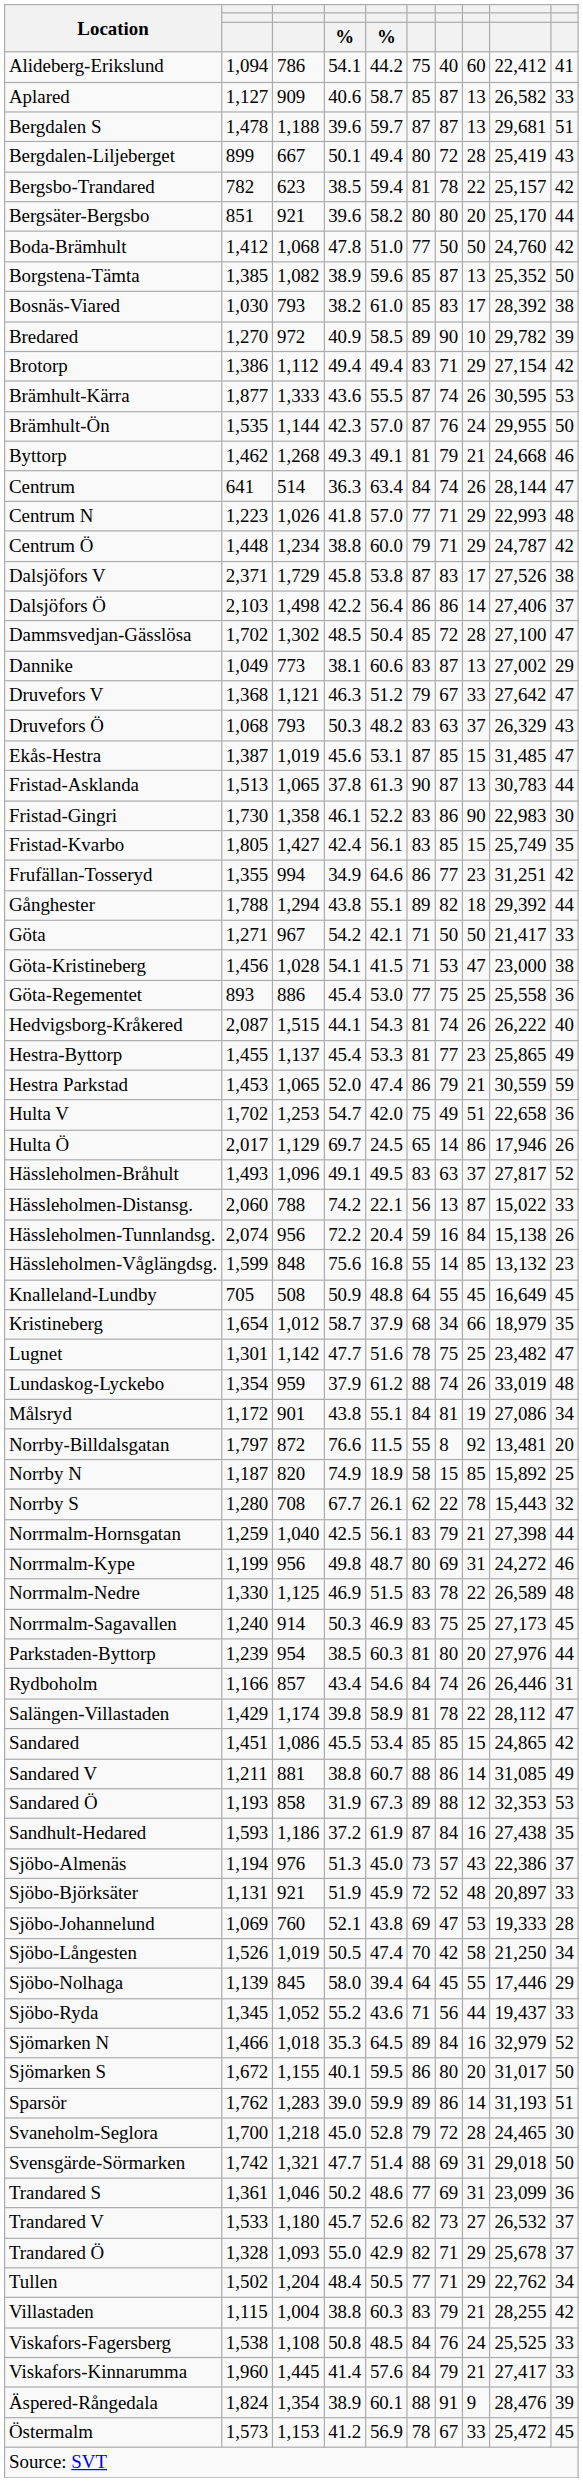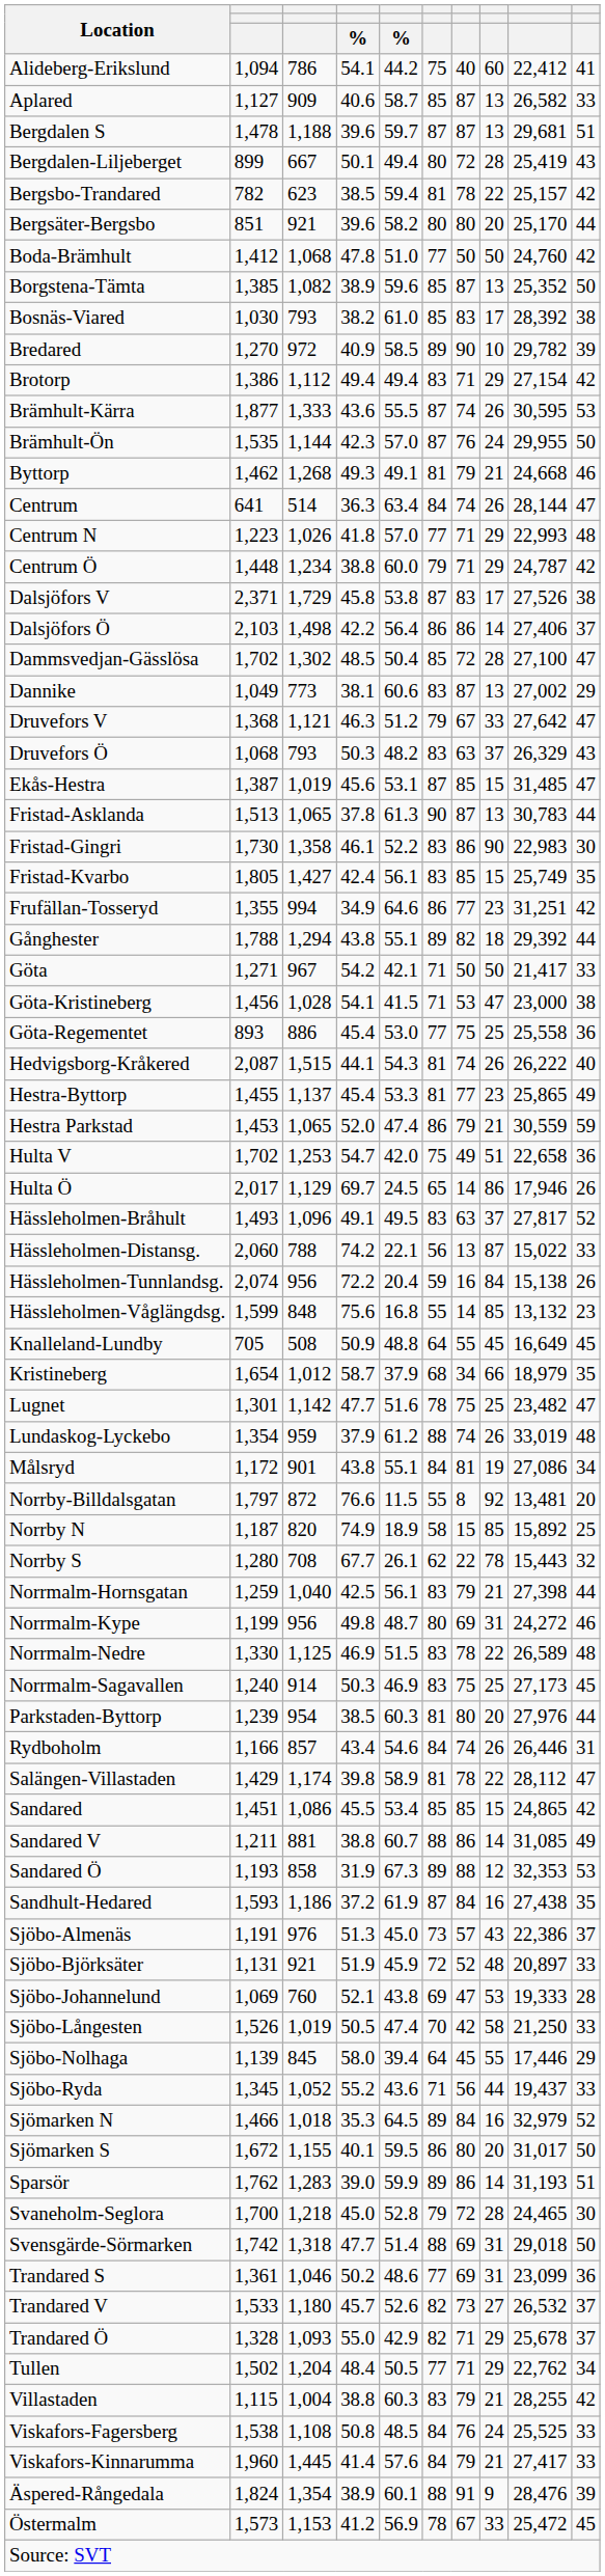 <table role="presentation" class="wikitable sortable mw-collapsible mw-collapsed">
 <tr>
 <th rowspan="3">Location</th>
 <th></th>
 <th></th>
 <th></th>
 <th></th>
 <th></th>
 <th></th>
 <th></th>
 <th></th>
 <th></th>
 </tr>
 <tr>
 <th></th>
 <th></th>
 <th style="background:"></th>
 <th style="background:"></th>
 <th></th>
 <th></th>
 <th></th>
 <th></th>
 <th></th>
 </tr>
 <tr>
 <th data-sort-type="number"></th>
 <th data-sort-type="number"></th>
 <th data-sort-type="number">%</th>
 <th data-sort-type="number">%</th>
 <th data-sort-type="number"></th>
 <th data-sort-type="number"></th>
 <th data-sort-type="number"></th>
 <th data-sort-type="number"></th>
 <th data-sort-type="number"></th>
 </tr>
 <tr>
 <td align="left">Alideberg-Erikslund</td>
 <td>1,094</td>
 <td>786</td>
 <td>54.1</td>
 <td>44.2</td>
 <td>75</td>
 <td>40</td>
 <td>60</td>
 <td>22,412</td>
 <td>41</td>
 </tr>
 <tr>
 <td align="left">Aplared</td>
 <td>1,127</td>
 <td>909</td>
 <td>40.6</td>
 <td>58.7</td>
 <td>85</td>
 <td>87</td>
 <td>13</td>
 <td>26,582</td>
 <td>33</td>
 </tr>
 <tr>
 <td align="left">Bergdalen S</td>
 <td>1,478</td>
 <td>1,188</td>
 <td>39.6</td>
 <td>59.7</td>
 <td>87</td>
 <td>87</td>
 <td>13</td>
 <td>29,681</td>
 <td>51</td>
 </tr>
 <tr>
 <td align="left">Bergdalen-Liljeberget</td>
 <td>899</td>
 <td>667</td>
 <td>50.1</td>
 <td>49.4</td>
 <td>80</td>
 <td>72</td>
 <td>28</td>
 <td>25,419</td>
 <td>43</td>
 </tr>
 <tr>
 <td align="left">Bergsbo-Trandared</td>
 <td>782</td>
 <td>623</td>
 <td>38.5</td>
 <td>59.4</td>
 <td>81</td>
 <td>78</td>
 <td>22</td>
 <td>25,157</td>
 <td>42</td>
 </tr>
 <tr>
 <td align="left">Bergsäter-Bergsbo</td>
 <td>851</td>
 <td>921</td>
 <td>39.6</td>
 <td>58.2</td>
 <td>80</td>
 <td>80</td>
 <td>20</td>
 <td>25,170</td>
 <td>44</td>
 </tr>
 <tr>
 <td align="left">Boda-Brämhult</td>
 <td>1,412</td>
 <td>1,068</td>
 <td>47.8</td>
 <td>51.0</td>
 <td>77</td>
 <td>50</td>
 <td>50</td>
 <td>24,760</td>
 <td>42</td>
 </tr>
 <tr>
 <td align="left">Borgstena-Tämta</td>
 <td>1,385</td>
 <td>1,082</td>
 <td>38.9</td>
 <td>59.6</td>
 <td>85</td>
 <td>87</td>
 <td>13</td>
 <td>25,352</td>
 <td>50</td>
 </tr>
 <tr>
 <td align="left">Bosnäs-Viared</td>
 <td>1,030</td>
 <td>793</td>
 <td>38.2</td>
 <td>61.0</td>
 <td>85</td>
 <td>83</td>
 <td>17</td>
 <td>28,392</td>
 <td>38</td>
 </tr>
 <tr>
 <td align="left">Bredared</td>
 <td>1,270</td>
 <td>972</td>
 <td>40.9</td>
 <td>58.5</td>
 <td>89</td>
 <td>90</td>
 <td>10</td>
 <td>29,782</td>
 <td>39</td>
 </tr>
 <tr>
 <td align="left">Brotorp</td>
 <td>1,386</td>
 <td>1,112</td>
 <td>49.4</td>
 <td>49.4</td>
 <td>83</td>
 <td>71</td>
 <td>29</td>
 <td>27,154</td>
 <td>42</td>
 </tr>
 <tr>
 <td align="left">Brämhult-Kärra</td>
 <td>1,877</td>
 <td>1,333</td>
 <td>43.6</td>
 <td>55.5</td>
 <td>87</td>
 <td>74</td>
 <td>26</td>
 <td>30,595</td>
 <td>53</td>
 </tr>
 <tr>
 <td align="left">Brämhult-Ön</td>
 <td>1,535</td>
 <td>1,144</td>
 <td>42.3</td>
 <td>57.0</td>
 <td>87</td>
 <td>76</td>
 <td>24</td>
 <td>29,955</td>
 <td>50</td>
 </tr>
 <tr>
 <td align="left">Byttorp</td>
 <td>1,462</td>
 <td>1,268</td>
 <td>49.3</td>
 <td>49.1</td>
 <td>81</td>
 <td>79</td>
 <td>21</td>
 <td>24,668</td>
 <td>46</td>
 </tr>
 <tr>
 <td align="left">Centrum</td>
 <td>641</td>
 <td>514</td>
 <td>36.3</td>
 <td>63.4</td>
 <td>84</td>
 <td>74</td>
 <td>26</td>
 <td>28,144</td>
 <td>47</td>
 </tr>
 <tr>
 <td align="left">Centrum N</td>
 <td>1,223</td>
 <td>1,026</td>
 <td>41.8</td>
 <td>57.0</td>
 <td>77</td>
 <td>71</td>
 <td>29</td>
 <td>22,993</td>
 <td>48</td>
 </tr>
 <tr>
 <td align="left">Centrum Ö</td>
 <td>1,448</td>
 <td>1,234</td>
 <td>38.8</td>
 <td>60.0</td>
 <td>79</td>
 <td>71</td>
 <td>29</td>
 <td>24,787</td>
 <td>42</td>
 </tr>
 <tr>
 <td align="left">Dalsjöfors V</td>
 <td>2,371</td>
 <td>1,729</td>
 <td>45.8</td>
 <td>53.8</td>
 <td>87</td>
 <td>83</td>
 <td>17</td>
 <td>27,526</td>
 <td>38</td>
 </tr>
 <tr>
 <td align="left">Dalsjöfors Ö</td>
 <td>2,103</td>
 <td>1,498</td>
 <td>42.2</td>
 <td>56.4</td>
 <td>86</td>
 <td>86</td>
 <td>14</td>
 <td>27,406</td>
 <td>37</td>
 </tr>
 <tr>
 <td align="left">Dammsvedjan-Gässlösa</td>
 <td>1,702</td>
 <td>1,302</td>
 <td>48.5</td>
 <td>50.4</td>
 <td>85</td>
 <td>72</td>
 <td>28</td>
 <td>27,100</td>
 <td>47</td>
 </tr>
 <tr>
 <td align="left">Dannike</td>
 <td>1,049</td>
 <td>773</td>
 <td>38.1</td>
 <td>60.6</td>
 <td>83</td>
 <td>87</td>
 <td>13</td>
 <td>27,002</td>
 <td>29</td>
 </tr>
 <tr>
 <td align="left">Druvefors V</td>
 <td>1,368</td>
 <td>1,121</td>
 <td>46.3</td>
 <td>51.2</td>
 <td>79</td>
 <td>67</td>
 <td>33</td>
 <td>27,642</td>
 <td>47</td>
 </tr>
 <tr>
 <td align="left">Druvefors Ö</td>
 <td>1,068</td>
 <td>793</td>
 <td>50.3</td>
 <td>48.2</td>
 <td>83</td>
 <td>63</td>
 <td>37</td>
 <td>26,329</td>
 <td>43</td>
 </tr>
 <tr>
 <td align="left">Ekås-Hestra</td>
 <td>1,387</td>
 <td>1,019</td>
 <td>45.6</td>
 <td>53.1</td>
 <td>87</td>
 <td>85</td>
 <td>15</td>
 <td>31,485</td>
 <td>47</td>
 </tr>
 <tr>
 <td align="left">Fristad-Asklanda</td>
 <td>1,513</td>
 <td>1,065</td>
 <td>37.8</td>
 <td>61.3</td>
 <td>90</td>
 <td>87</td>
 <td>13</td>
 <td>30,783</td>
 <td>44</td>
 </tr>
 <tr>
 <td align="left">Fristad-Gingri</td>
 <td>1,730</td>
 <td>1,358</td>
 <td>46.1</td>
 <td>52.2</td>
 <td>83</td>
 <td>86</td>
 <td>90</td>
 <td>22,983</td>
 <td>30</td>
 </tr>
 <tr>
 <td align="left">Fristad-Kvarbo</td>
 <td>1,805</td>
 <td>1,427</td>
 <td>42.4</td>
 <td>56.1</td>
 <td>83</td>
 <td>85</td>
 <td>15</td>
 <td>25,749</td>
 <td>35</td>
 </tr>
 <tr>
 <td align="left">Frufällan-Tosseryd</td>
 <td>1,355</td>
 <td>994</td>
 <td>34.9</td>
 <td>64.6</td>
 <td>86</td>
 <td>77</td>
 <td>23</td>
 <td>31,251</td>
 <td>42</td>
 </tr>
 <tr>
 <td align="left">Gånghester</td>
 <td>1,788</td>
 <td>1,294</td>
 <td>43.8</td>
 <td>55.1</td>
 <td>89</td>
 <td>82</td>
 <td>18</td>
 <td>29,392</td>
 <td>44</td>
 </tr>
 <tr>
 <td align="left">Göta</td>
 <td>1,271</td>
 <td>967</td>
 <td>54.2</td>
 <td>42.1</td>
 <td>71</td>
 <td>50</td>
 <td>50</td>
 <td>21,417</td>
 <td>33</td>
 </tr>
 <tr>
 <td align="left">Göta-Kristineberg</td>
 <td>1,456</td>
 <td>1,028</td>
 <td>54.1</td>
 <td>41.5</td>
 <td>71</td>
 <td>53</td>
 <td>47</td>
 <td>23,000</td>
 <td>38</td>
 </tr>
 <tr>
 <td align="left">Göta-Regementet</td>
 <td>893</td>
 <td>886</td>
 <td>45.4</td>
 <td>53.0</td>
 <td>77</td>
 <td>75</td>
 <td>25</td>
 <td>25,558</td>
 <td>36</td>
 </tr>
 <tr>
 <td align="left">Hedvigsborg-Kråkered</td>
 <td>2,087</td>
 <td>1,515</td>
 <td>44.1</td>
 <td>54.3</td>
 <td>81</td>
 <td>74</td>
 <td>26</td>
 <td>26,222</td>
 <td>40</td>
 </tr>
 <tr>
 <td align="left">Hestra-Byttorp</td>
 <td>1,455</td>
 <td>1,137</td>
 <td>45.4</td>
 <td>53.3</td>
 <td>81</td>
 <td>77</td>
 <td>23</td>
 <td>25,865</td>
 <td>49</td>
 </tr>
 <tr>
 <td align="left">Hestra Parkstad</td>
 <td>1,453</td>
 <td>1,065</td>
 <td>52.0</td>
 <td>47.4</td>
 <td>86</td>
 <td>79</td>
 <td>21</td>
 <td>30,559</td>
 <td>59</td>
 </tr>
 <tr>
 <td align="left">Hulta V</td>
 <td>1,702</td>
 <td>1,253</td>
 <td>54.7</td>
 <td>42.0</td>
 <td>75</td>
 <td>49</td>
 <td>51</td>
 <td>22,658</td>
 <td>36</td>
 </tr>
 <tr>
 <td align="left">Hulta Ö</td>
 <td>2,017</td>
 <td>1,129</td>
 <td>69.7</td>
 <td>24.5</td>
 <td>65</td>
 <td>14</td>
 <td>86</td>
 <td>17,946</td>
 <td>26</td>
 </tr>
 <tr>
 <td align="left">Hässleholmen-Bråhult</td>
 <td>1,493</td>
 <td>1,096</td>
 <td>49.1</td>
 <td>49.5</td>
 <td>83</td>
 <td>63</td>
 <td>37</td>
 <td>27,817</td>
 <td>52</td>
 </tr>
 <tr>
 <td align="left">Hässleholmen-Distansg.</td>
 <td>2,060</td>
 <td>788</td>
 <td>74.2</td>
 <td>22.1</td>
 <td>56</td>
 <td>13</td>
 <td>87</td>
 <td>15,022</td>
 <td>33</td>
 </tr>
 <tr>
 <td align="left">Hässleholmen-Tunnlandsg.</td>
 <td>2,074</td>
 <td>956</td>
 <td>72.2</td>
 <td>20.4</td>
 <td>59</td>
 <td>16</td>
 <td>84</td>
 <td>15,138</td>
 <td>26</td>
 </tr>
 <tr>
 <td align="left">Hässleholmen-Våglängdsg.</td>
 <td>1,599</td>
 <td>848</td>
 <td>75.6</td>
 <td>16.8</td>
 <td>55</td>
 <td>14</td>
 <td>85</td>
 <td>13,132</td>
 <td>23</td>
 </tr>
 <tr>
 <td align="left">Knalleland-Lundby</td>
 <td>705</td>
 <td>508</td>
 <td>50.9</td>
 <td>48.8</td>
 <td>64</td>
 <td>55</td>
 <td>45</td>
 <td>16,649</td>
 <td>45</td>
 </tr>
 <tr>
 <td align="left">Kristineberg</td>
 <td>1,654</td>
 <td>1,012</td>
 <td>58.7</td>
 <td>37.9</td>
 <td>68</td>
 <td>34</td>
 <td>66</td>
 <td>18,979</td>
 <td>35</td>
 </tr>
 <tr>
 <td align="left">Lugnet</td>
 <td>1,301</td>
 <td>1,142</td>
 <td>47.7</td>
 <td>51.6</td>
 <td>78</td>
 <td>75</td>
 <td>25</td>
 <td>23,482</td>
 <td>47</td>
 </tr>
 <tr>
 <td align="left">Lundaskog-Lyckebo</td>
 <td>1,354</td>
 <td>959</td>
 <td>37.9</td>
 <td>61.2</td>
 <td>88</td>
 <td>74</td>
 <td>26</td>
 <td>33,019</td>
 <td>48</td>
 </tr>
 <tr>
 <td align="left">Målsryd</td>
 <td>1,172</td>
 <td>901</td>
 <td>43.8</td>
 <td>55.1</td>
 <td>84</td>
 <td>81</td>
 <td>19</td>
 <td>27,086</td>
 <td>34</td>
 </tr>
 <tr>
 <td align="left">Norrby-Billdalsgatan</td>
 <td>1,797</td>
 <td>872</td>
 <td>76.6</td>
 <td>11.5</td>
 <td>55</td>
 <td>8</td>
 <td>92</td>
 <td>13,481</td>
 <td>20</td>
 </tr>
 <tr>
 <td align="left">Norrby N</td>
 <td>1,187</td>
 <td>820</td>
 <td>74.9</td>
 <td>18.9</td>
 <td>58</td>
 <td>15</td>
 <td>85</td>
 <td>15,892</td>
 <td>25</td>
 </tr>
 <tr>
 <td align="left">Norrby S</td>
 <td>1,280</td>
 <td>708</td>
 <td>67.7</td>
 <td>26.1</td>
 <td>62</td>
 <td>22</td>
 <td>78</td>
 <td>15,443</td>
 <td>32</td>
 </tr>
 <tr>
 <td align="left">Norrmalm-Hornsgatan</td>
 <td>1,259</td>
 <td>1,040</td>
 <td>42.5</td>
 <td>56.1</td>
 <td>83</td>
 <td>79</td>
 <td>21</td>
 <td>27,398</td>
 <td>44</td>
 </tr>
 <tr>
 <td align="left">Norrmalm-Kype</td>
 <td>1,199</td>
 <td>956</td>
 <td>49.8</td>
 <td>48.7</td>
 <td>80</td>
 <td>69</td>
 <td>31</td>
 <td>24,272</td>
 <td>46</td>
 </tr>
 <tr>
 <td align="left">Norrmalm-Nedre</td>
 <td>1,330</td>
 <td>1,125</td>
 <td>46.9</td>
 <td>51.5</td>
 <td>83</td>
 <td>78</td>
 <td>22</td>
 <td>26,589</td>
 <td>48</td>
 </tr>
 <tr>
 <td align="left">Norrmalm-Sagavallen</td>
 <td>1,240</td>
 <td>914</td>
 <td>50.3</td>
 <td>46.9</td>
 <td>83</td>
 <td>75</td>
 <td>25</td>
 <td>27,173</td>
 <td>45</td>
 </tr>
 <tr>
 <td align="left">Parkstaden-Byttorp</td>
 <td>1,239</td>
 <td>954</td>
 <td>38.5</td>
 <td>60.3</td>
 <td>81</td>
 <td>80</td>
 <td>20</td>
 <td>27,976</td>
 <td>44</td>
 </tr>
 <tr>
 <td align="left">Rydboholm</td>
 <td>1,166</td>
 <td>857</td>
 <td>43.4</td>
 <td>54.6</td>
 <td>84</td>
 <td>74</td>
 <td>26</td>
 <td>26,446</td>
 <td>31</td>
 </tr>
 <tr>
 <td align="left">Salängen-Villastaden</td>
 <td>1,429</td>
 <td>1,174</td>
 <td>39.8</td>
 <td>58.9</td>
 <td>81</td>
 <td>78</td>
 <td>22</td>
 <td>28,112</td>
 <td>47</td>
 </tr>
 <tr>
 <td align="left">Sandared</td>
 <td>1,451</td>
 <td>1,086</td>
 <td>45.5</td>
 <td>53.4</td>
 <td>85</td>
 <td>85</td>
 <td>15</td>
 <td>24,865</td>
 <td>42</td>
 </tr>
 <tr>
 <td align="left">Sandared V</td>
 <td>1,211</td>
 <td>881</td>
 <td>38.8</td>
 <td>60.7</td>
 <td>88</td>
 <td>86</td>
 <td>14</td>
 <td>31,085</td>
 <td>49</td>
 </tr>
 <tr>
 <td align="left">Sandared Ö</td>
 <td>1,193</td>
 <td>858</td>
 <td>31.9</td>
 <td>67.3</td>
 <td>89</td>
 <td>88</td>
 <td>12</td>
 <td>32,353</td>
 <td>53</td>
 </tr>
 <tr>
 <td align="left">Sandhult-Hedared</td>
 <td>1,593</td>
 <td>1,186</td>
 <td>37.2</td>
 <td>61.9</td>
 <td>87</td>
 <td>84</td>
 <td>16</td>
 <td>27,438</td>
 <td>35</td>
 </tr>
 <tr>
 <td align="left">Sjöbo-Almenäs</td>
-<td>1,194</td>
+<td>1,191</td>
 <td>976</td>
 <td>51.3</td>
 <td>45.0</td>
 <td>73</td>
 <td>57</td>
 <td>43</td>
 <td>22,386</td>
 <td>37</td>
 </tr>
 <tr>
 <td align="left">Sjöbo-Björksäter</td>
 <td>1,131</td>
 <td>921</td>
 <td>51.9</td>
 <td>45.9</td>
 <td>72</td>
 <td>52</td>
 <td>48</td>
 <td>20,897</td>
 <td>33</td>
 </tr>
 <tr>
 <td align="left">Sjöbo-Johannelund</td>
 <td>1,069</td>
 <td>760</td>
 <td>52.1</td>
 <td>43.8</td>
 <td>69</td>
 <td>47</td>
 <td>53</td>
 <td>19,333</td>
 <td>28</td>
 </tr>
 <tr>
 <td align="left">Sjöbo-Långesten</td>
 <td>1,526</td>
 <td>1,019</td>
 <td>50.5</td>
 <td>47.4</td>
 <td>70</td>
 <td>42</td>
 <td>58</td>
 <td>21,250</td>
-<td>34</td>
+<td>33</td>
 </tr>
 <tr>
 <td align="left">Sjöbo-Nolhaga</td>
 <td>1,139</td>
 <td>845</td>
 <td>58.0</td>
 <td>39.4</td>
 <td>64</td>
 <td>45</td>
 <td>55</td>
 <td>17,446</td>
 <td>29</td>
 </tr>
 <tr>
 <td align="left">Sjöbo-Ryda</td>
 <td>1,345</td>
 <td>1,052</td>
 <td>55.2</td>
 <td>43.6</td>
 <td>71</td>
 <td>56</td>
 <td>44</td>
 <td>19,437</td>
 <td>33</td>
 </tr>
 <tr>
 <td align="left">Sjömarken N</td>
 <td>1,466</td>
 <td>1,018</td>
 <td>35.3</td>
 <td>64.5</td>
 <td>89</td>
 <td>84</td>
 <td>16</td>
 <td>32,979</td>
 <td>52</td>
 </tr>
 <tr>
 <td align="left">Sjömarken S</td>
 <td>1,672</td>
 <td>1,155</td>
 <td>40.1</td>
 <td>59.5</td>
 <td>86</td>
 <td>80</td>
 <td>20</td>
 <td>31,017</td>
 <td>50</td>
 </tr>
 <tr>
 <td align="left">Sparsör</td>
 <td>1,762</td>
 <td>1,283</td>
 <td>39.0</td>
 <td>59.9</td>
 <td>89</td>
 <td>86</td>
 <td>14</td>
 <td>31,193</td>
 <td>51</td>
 </tr>
 <tr>
 <td align="left">Svaneholm-Seglora</td>
 <td>1,700</td>
 <td>1,218</td>
 <td>45.0</td>
 <td>52.8</td>
 <td>79</td>
 <td>72</td>
 <td>28</td>
 <td>24,465</td>
 <td>30</td>
 </tr>
 <tr>
 <td align="left">Svensgärde-Sörmarken</td>
 <td>1,742</td>
-<td>1,321</td>
+<td>1,318</td>
 <td>47.7</td>
 <td>51.4</td>
 <td>88</td>
 <td>69</td>
 <td>31</td>
 <td>29,018</td>
 <td>50</td>
 </tr>
 <tr>
 <td align="left">Trandared S</td>
 <td>1,361</td>
 <td>1,046</td>
 <td>50.2</td>
 <td>48.6</td>
 <td>77</td>
 <td>69</td>
 <td>31</td>
 <td>23,099</td>
 <td>36</td>
 </tr>
 <tr>
 <td align="left">Trandared V</td>
 <td>1,533</td>
 <td>1,180</td>
 <td>45.7</td>
 <td>52.6</td>
 <td>82</td>
 <td>73</td>
 <td>27</td>
 <td>26,532</td>
 <td>37</td>
 </tr>
 <tr>
 <td align="left">Trandared Ö</td>
 <td>1,328</td>
 <td>1,093</td>
 <td>55.0</td>
 <td>42.9</td>
 <td>82</td>
 <td>71</td>
 <td>29</td>
 <td>25,678</td>
 <td>37</td>
 </tr>
 <tr>
 <td align="left">Tullen</td>
 <td>1,502</td>
 <td>1,204</td>
 <td>48.4</td>
 <td>50.5</td>
 <td>77</td>
 <td>71</td>
 <td>29</td>
 <td>22,762</td>
 <td>34</td>
 </tr>
 <tr>
 <td align="left">Villastaden</td>
 <td>1,115</td>
 <td>1,004</td>
 <td>38.8</td>
 <td>60.3</td>
 <td>83</td>
 <td>79</td>
 <td>21</td>
 <td>28,255</td>
 <td>42</td>
 </tr>
 <tr>
 <td align="left">Viskafors-Fagersberg</td>
 <td>1,538</td>
 <td>1,108</td>
 <td>50.8</td>
 <td>48.5</td>
 <td>84</td>
 <td>76</td>
 <td>24</td>
 <td>25,525</td>
 <td>33</td>
 </tr>
 <tr>
 <td align="left">Viskafors-Kinnarumma</td>
 <td>1,960</td>
 <td>1,445</td>
 <td>41.4</td>
 <td>57.6</td>
 <td>84</td>
 <td>79</td>
 <td>21</td>
 <td>27,417</td>
 <td>33</td>
 </tr>
 <tr>
 <td align="left">Äspered-Rångedala</td>
 <td>1,824</td>
 <td>1,354</td>
 <td>38.9</td>
 <td>60.1</td>
 <td>88</td>
 <td>91</td>
 <td>9</td>
 <td>28,476</td>
 <td>39</td>
 </tr>
 <tr>
 <td align="left">Östermalm</td>
 <td>1,573</td>
 <td>1,153</td>
 <td>41.2</td>
 <td>56.9</td>
 <td>78</td>
 <td>67</td>
 <td>33</td>
 <td>25,472</td>
 <td>45</td>
 </tr>
 <tr>
 <td colspan="10" align="left">Source: <a href='#'>SVT</a></td>
 </tr>
 </table>
